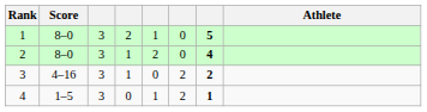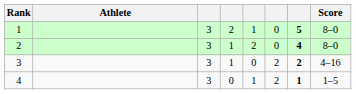 <table class="wikitable" style="text-align: center; font-size:90% ">
 <tr>
 <th width=25>Rank</th>
-<th width=50>Score</th>
+<th width=225>Athlete</th>
 <th width=25></th>
 <th width=25></th>
 <th width=25></th>
 <th width=25></th>
 <th width=25></th>
-<th width=225>Athlete</th>
+<th width=50>Score</th>
 </tr>
 <tr bgcolor=ccffcc>
 <td>1</td>
-<td>8–0</td>
+<td align=left></td>
 <td>3</td>
 <td>2</td>
 <td>1</td>
 <td>0</td>
 <td><strong>5</strong></td>
-<td align=left></td>
+<td>8–0</td>
 </tr>
 <tr bgcolor=ccffcc>
 <td>2</td>
-<td>8–0</td>
+<td align=left></td>
 <td>3</td>
 <td>1</td>
 <td>2</td>
 <td>0</td>
 <td><strong>4</strong></td>
-<td align=left></td>
+<td>8–0</td>
 </tr>
 <tr>
 <td>3</td>
-<td>4–16</td>
+<td align=left></td>
 <td>3</td>
 <td>1</td>
 <td>0</td>
 <td>2</td>
 <td><strong>2</strong></td>
-<td align=left></td>
+<td>4–16</td>
 </tr>
 <tr>
 <td>4</td>
-<td>1–5</td>
+<td align=left></td>
 <td>3</td>
 <td>0</td>
 <td>1</td>
 <td>2</td>
 <td><strong>1</strong></td>
-<td align=left></td>
+<td>1–5</td>
 </tr>
 </table>
